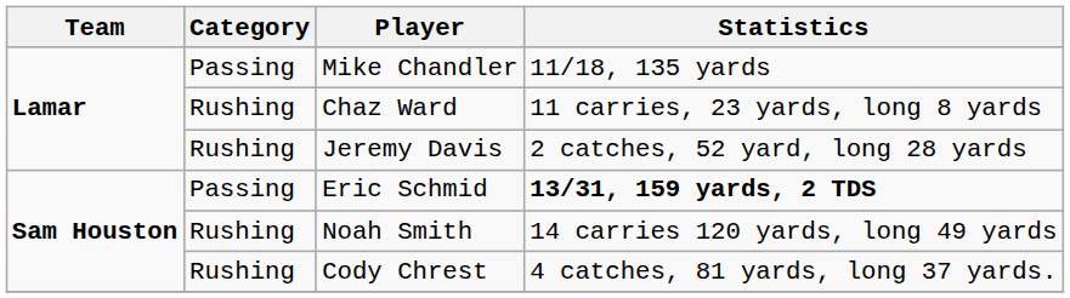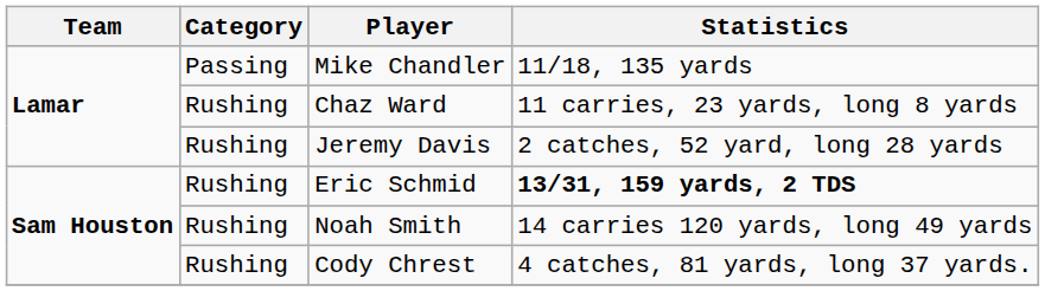 <table class="wikitable" style="float: right;">
 <tr>
 <th>Team</th>
 <th>Category</th>
 <th>Player</th>
 <th>Statistics</th>
 </tr>
 <tr>
 <td rowspan=3><strong>Lamar</strong></td>
 <td>Passing</td>
 <td>Mike Chandler</td>
 <td>11/18, 135 yards</td>
 </tr>
 <tr>
 <td>Rushing</td>
 <td>Chaz Ward</td>
 <td>11 carries, 23 yards, long 8 yards</td>
 </tr>
 <tr>
 <td>Rushing</td>
 <td>Jeremy Davis</td>
 <td>2 catches, 52 yard, long 28 yards</td>
 </tr>
 <tr>
 <td rowspan=3><strong>Sam Houston</strong></td>
-<td>Passing</td>
+<td>Rushing</td>
 <td>Eric Schmid</td>
 <td><strong>13/31, 159 yards, 2 TDS</strong></td>
 </tr>
 <tr>
 <td>Rushing</td>
 <td>Noah Smith</td>
 <td>14 carries 120 yards, long 49 yards</td>
 </tr>
 <tr>
 <td>Rushing</td>
 <td>Cody Chrest</td>
 <td>4 catches, 81 yards, long 37 yards.</td>
 </tr>
 <tr>
 </tr>
 </table>
